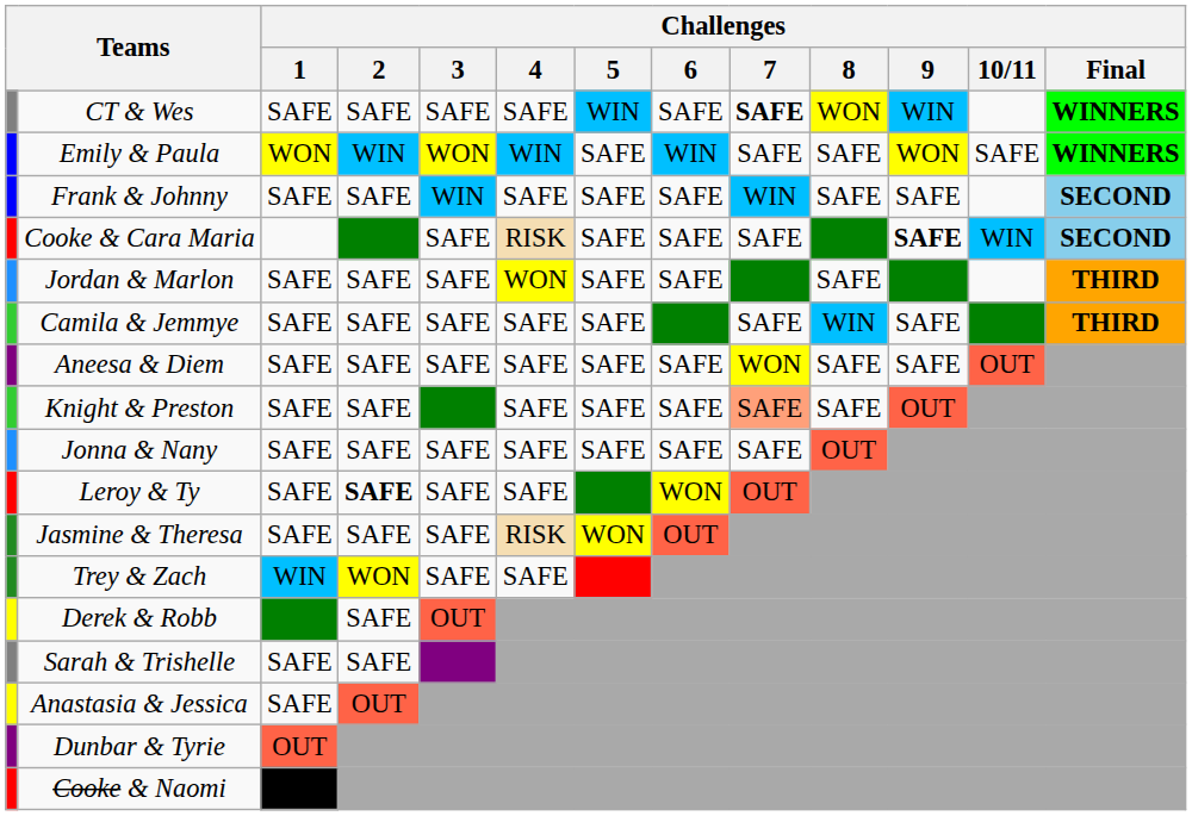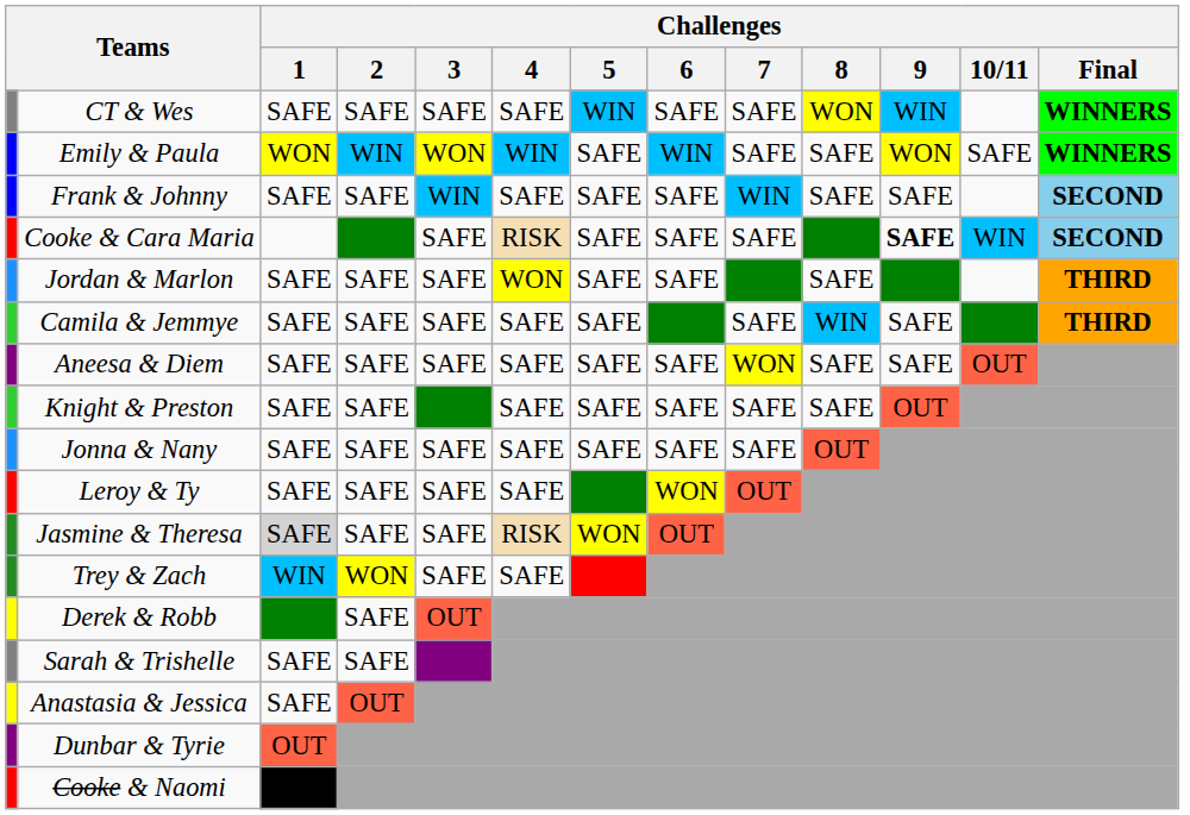 <table class="wikitable" style="text-align:center;">
 <tr>
 <th rowspan=2 colspan=2>Teams</th>
 <th colspan=16>Challenges</th>
 </tr>
 <tr>
 <th>1</th>
 <th>2</th>
 <th>3</th>
 <th>4</th>
 <th>5</th>
 <th>6</th>
 <th>7</th>
 <th>8</th>
 <th>9</th>
 <th>10/11</th>
 <th>Final</th>
 </tr>
 <tr>
 <td bgcolor="grey"></td>
 <td><em>CT & Wes</em></td>
 <td>SAFE</td>
 <td>SAFE</td>
 <td>SAFE</td>
 <td>SAFE</td>
 <td bgcolor="deepskyblue">WIN</td>
 <td>SAFE</td>
-<td><strong>SAFE</strong></td>
+<td>SAFE</td>
 <td bgcolor="yellow">WON</td>
 <td bgcolor="deepskyblue">WIN</td>
 <td></td>
 <td bgcolor="lime"><strong>WINNERS</strong></td>
 </tr>
 <tr>
 <td bgcolor="blue"></td>
 <td><em>Emily & Paula</em></td>
 <td bgcolor="yellow">WON</td>
 <td bgcolor="deepskyblue">WIN</td>
 <td bgcolor="yellow">WON</td>
 <td bgcolor="deepskyblue">WIN</td>
 <td>SAFE</td>
 <td bgcolor="deepskyblue">WIN</td>
 <td>SAFE</td>
 <td>SAFE</td>
 <td bgcolor="yellow">WON</td>
 <td>SAFE</td>
 <td bgcolor="lime"><strong>WINNERS</strong></td>
 </tr>
 <tr>
 <td bgcolor="blue"></td>
 <td><em>Frank & Johnny</em></td>
 <td>SAFE</td>
 <td>SAFE</td>
 <td bgcolor="deepskyblue">WIN</td>
 <td>SAFE</td>
 <td>SAFE</td>
 <td>SAFE</td>
 <td bgcolor="deepskyblue">WIN</td>
 <td>SAFE</td>
 <td>SAFE</td>
 <td></td>
 <td bgcolor="skyblue"><strong>SECOND</strong></td>
 </tr>
 <tr>
 <td bgcolor="red"></td>
 <td nowrap><em>Cooke & Cara Maria</em></td>
 <td></td>
 <td bgcolor="green"></td>
 <td>SAFE</td>
 <td bgcolor="wheat">RISK</td>
 <td>SAFE</td>
 <td>SAFE</td>
 <td>SAFE</td>
 <td bgcolor="green"></td>
 <td><strong>SAFE</strong></td>
 <td bgcolor="deepskyblue">WIN</td>
 <td bgcolor="skyblue"><strong>SECOND</strong></td>
 </tr>
 <tr>
 <td bgcolor="dodgerblue"></td>
 <td><em>Jordan & Marlon</em></td>
 <td>SAFE</td>
 <td>SAFE</td>
 <td>SAFE</td>
 <td bgcolor="yellow">WON</td>
 <td>SAFE</td>
 <td>SAFE</td>
 <td bgcolor="green"></td>
 <td>SAFE</td>
 <td bgcolor="green"></td>
 <td></td>
 <td bgcolor="orange"><strong>THIRD</strong></td>
 </tr>
 <tr>
 <td bgcolor="limegreen"></td>
 <td><em>Camila & Jemmye</em></td>
 <td>SAFE</td>
 <td>SAFE</td>
 <td>SAFE</td>
 <td>SAFE</td>
 <td>SAFE</td>
 <td bgcolor="green"></td>
 <td>SAFE</td>
 <td bgcolor="deepskyblue">WIN</td>
 <td>SAFE</td>
 <td bgcolor="green"></td>
 <td bgcolor="orange"><strong>THIRD</strong></td>
 </tr>
 <tr>
 <td bgcolor="purple"></td>
 <td><em>Aneesa & Diem</em></td>
 <td>SAFE</td>
 <td>SAFE</td>
 <td>SAFE</td>
 <td>SAFE</td>
 <td>SAFE</td>
 <td>SAFE</td>
 <td bgcolor="yellow">WON</td>
 <td>SAFE</td>
 <td>SAFE</td>
 <td bgcolor="tomato">OUT</td>
 <td bgcolor="darkgray"></td>
 </tr>
 <tr>
 <td bgcolor="limegreen"></td>
 <td><em>Knight & Preston</em></td>
 <td>SAFE</td>
 <td>SAFE</td>
 <td bgcolor="green"></td>
 <td>SAFE</td>
 <td>SAFE</td>
 <td>SAFE</td>
-<td style="background: lightsalmon;">SAFE</td>
+<td>SAFE</td>
 <td>SAFE</td>
 <td bgcolor="tomato">OUT</td>
 <td bgcolor="darkgray" colspan=2></td>
 </tr>
 <tr>
 <td bgcolor="dodgerblue"></td>
 <td><em>Jonna & Nany</em></td>
 <td>SAFE</td>
 <td>SAFE</td>
 <td>SAFE</td>
 <td>SAFE</td>
 <td>SAFE</td>
 <td>SAFE</td>
 <td>SAFE</td>
 <td bgcolor="tomato">OUT</td>
 <td bgcolor="darkgray" colspan=3></td>
 </tr>
 <tr>
 <td bgcolor="red"></td>
 <td><em>Leroy & Ty</em></td>
 <td>SAFE</td>
-<td><strong>SAFE</strong></td>
+<td>SAFE</td>
 <td>SAFE</td>
 <td>SAFE</td>
 <td bgcolor="green"></td>
 <td bgcolor="yellow">WON</td>
 <td bgcolor="tomato">OUT</td>
 <td bgcolor="darkgray" colspan=4></td>
 </tr>
 <tr>
 <td bgcolor="forestgreen"></td>
 <td><em>Jasmine & Theresa</em></td>
-<td>SAFE</td>
+<td style="background: lightgrey;">SAFE</td>
 <td>SAFE</td>
 <td>SAFE</td>
 <td bgcolor="wheat">RISK</td>
 <td bgcolor="yellow">WON</td>
 <td bgcolor="tomato">OUT</td>
 <td bgcolor="darkgray" colspan=5></td>
 </tr>
 <tr>
 <td bgcolor="forestgreen"></td>
 <td><em>Trey & Zach</em></td>
 <td bgcolor="deepskyblue">WIN</td>
 <td bgcolor="yellow">WON</td>
 <td>SAFE</td>
 <td>SAFE</td>
 <td bgcolor="red"></td>
 <td bgcolor="darkgray" colspan=6></td>
 </tr>
 <tr>
 <td bgcolor="yellow"></td>
 <td><em>Derek & Robb</em></td>
 <td bgcolor="green"></td>
 <td>SAFE</td>
 <td bgcolor="tomato">OUT</td>
 <td bgcolor="darkgray" colspan=8></td>
 </tr>
 <tr>
 <td bgcolor="grey"></td>
 <td><em>Sarah & Trishelle</em></td>
 <td>SAFE</td>
 <td>SAFE</td>
 <td bgcolor="purple"></td>
 <td bgcolor="darkgray" colspan=8></td>
 </tr>
 <tr>
 <td bgcolor="yellow"></td>
 <td><em>Anastasia & Jessica</em></td>
 <td>SAFE</td>
 <td bgcolor="tomato">OUT</td>
 <td bgcolor="darkgray" colspan=9></td>
 </tr>
 <tr>
 <td bgcolor="purple"></td>
 <td><em>Dunbar & Tyrie</em></td>
 <td bgcolor="tomato">OUT</td>
 <td bgcolor="darkgray" colspan=10></td>
 </tr>
 <tr>
 <td bgcolor="red"></td>
 <td><em><s>Cooke</s> & Naomi</em></td>
 <td bgcolor="black"></td>
 <td bgcolor="darkgray" colspan=10></td>
 </tr>
 </table>
